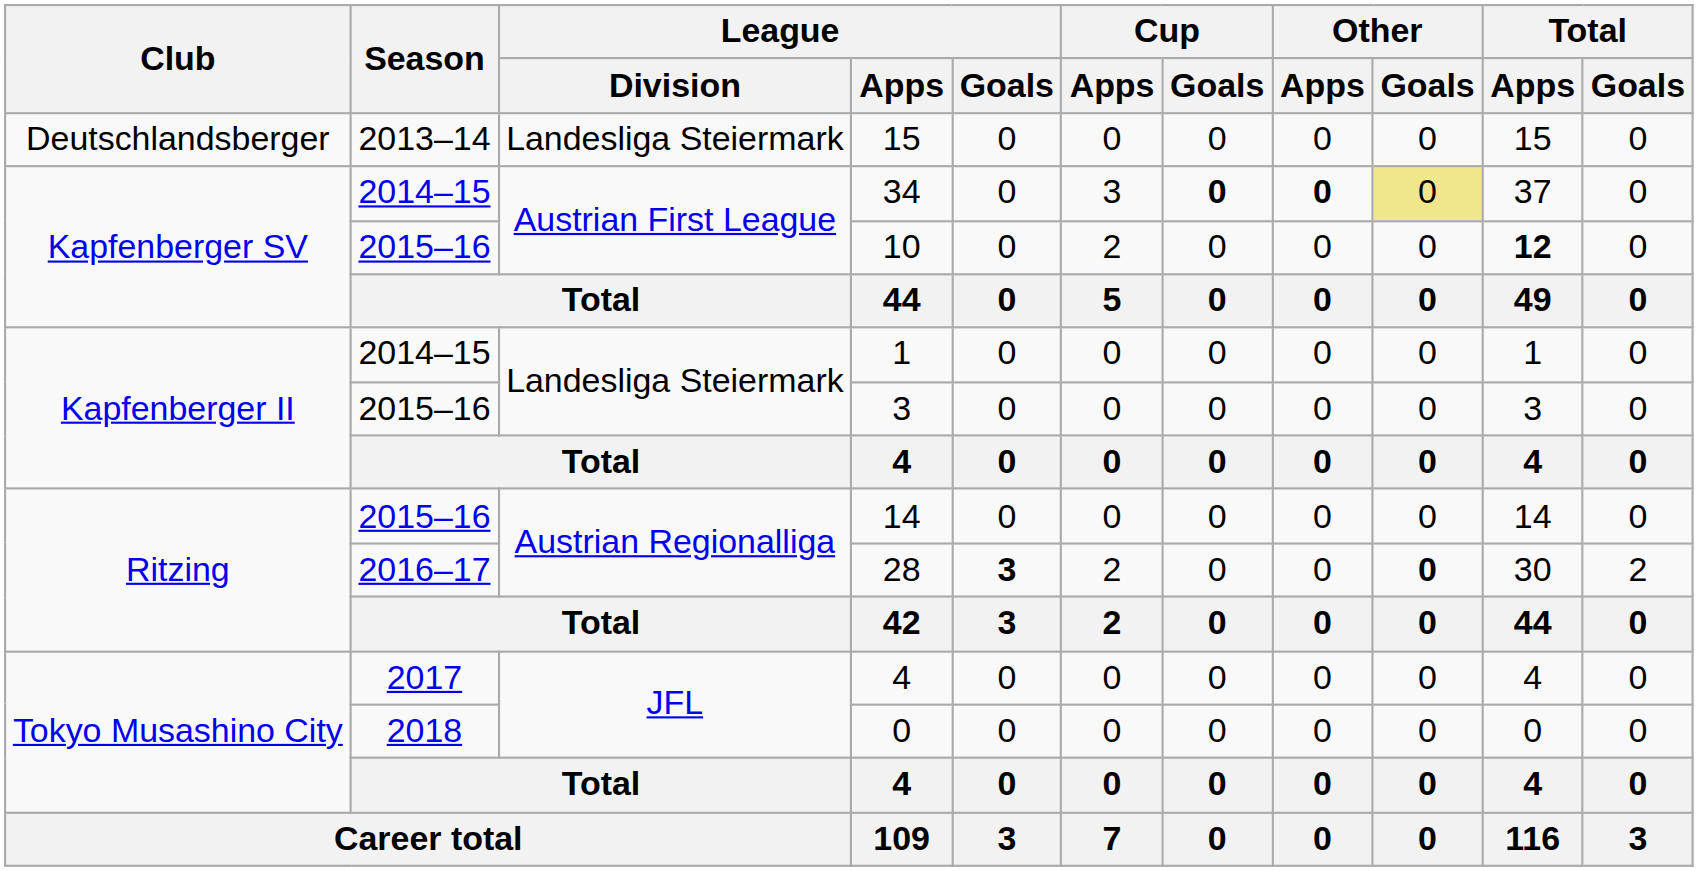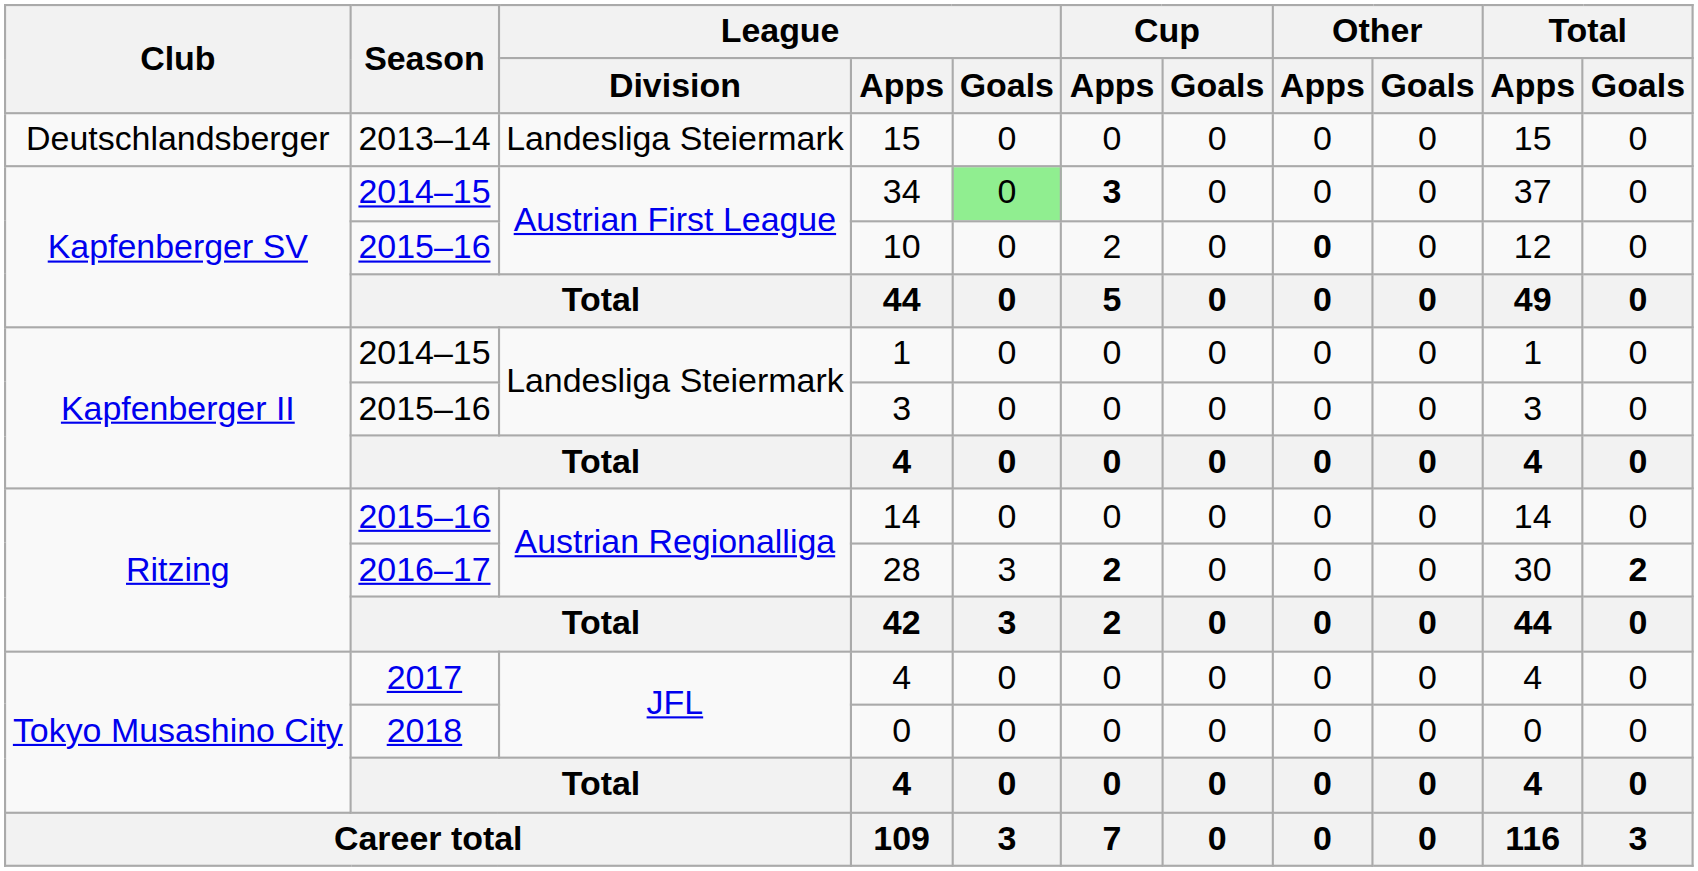 <table class="wikitable" style="text-align: center">
 <tr>
 <th rowspan="2">Club</th>
 <th rowspan="2">Season</th>
 <th colspan="3">League</th>
 <th colspan="2">Cup</th>
 <th colspan="2">Other</th>
 <th colspan="2">Total</th>
 </tr>
 <tr>
 <th>Division</th>
 <th>Apps</th>
 <th>Goals</th>
 <th>Apps</th>
 <th>Goals</th>
 <th>Apps</th>
 <th>Goals</th>
 <th>Apps</th>
 <th>Goals</th>
 </tr>
 <tr>
 <td>Deutschlandsberger</td>
 <td>2013–14</td>
 <td>Landesliga Steiermark</td>
 <td>15</td>
 <td>0</td>
 <td>0</td>
 <td>0</td>
 <td>0</td>
 <td>0</td>
 <td>15</td>
 <td>0</td>
 </tr>
 <tr>
 <td rowspan="3"><a href='#'>Kapfenberger SV</a></td>
 <td><a href='#'>2014–15</a></td>
 <td rowspan="2"><a href='#'>Austrian First League</a></td>
 <td>34</td>
+<td style="background: lightgreen;">0</td>
+<td><strong>3</strong></td>
 <td>0</td>
-<td>3</td>
-<td><strong>0</strong></td>
-<td><strong>0</strong></td>
-<td style="background: khaki;">0</td>
+<td>0</td>
+<td>0</td>
 <td>37</td>
 <td>0</td>
 </tr>
 <tr>
 <td><a href='#'>2015–16</a></td>
 <td>10</td>
 <td>0</td>
 <td>2</td>
 <td>0</td>
+<td><strong>0</strong></td>
 <td>0</td>
-<td>0</td>
-<td><strong>12</strong></td>
+<td>12</td>
 <td>0</td>
 </tr>
 <tr>
 <th colspan=2>Total</th>
 <th>44</th>
 <th>0</th>
 <th>5</th>
 <th>0</th>
 <th>0</th>
 <th>0</th>
 <th>49</th>
 <th>0</th>
 </tr>
 <tr>
 <td rowspan="3"><a href='#'>Kapfenberger II</a></td>
 <td>2014–15</td>
 <td rowspan="2">Landesliga Steiermark</td>
 <td>1</td>
 <td>0</td>
 <td>0</td>
 <td>0</td>
 <td>0</td>
 <td>0</td>
 <td>1</td>
 <td>0</td>
 </tr>
 <tr>
 <td>2015–16</td>
 <td>3</td>
 <td>0</td>
 <td>0</td>
 <td>0</td>
 <td>0</td>
 <td>0</td>
 <td>3</td>
 <td>0</td>
 </tr>
 <tr>
 <th colspan=2>Total</th>
 <th>4</th>
 <th>0</th>
 <th>0</th>
 <th>0</th>
 <th>0</th>
 <th>0</th>
 <th>4</th>
 <th>0</th>
 </tr>
 <tr>
 <td rowspan="3"><a href='#'>Ritzing</a></td>
 <td><a href='#'>2015–16</a></td>
 <td rowspan="2"><a href='#'>Austrian Regionalliga</a></td>
 <td>14</td>
 <td>0</td>
 <td>0</td>
 <td>0</td>
 <td>0</td>
 <td>0</td>
 <td>14</td>
 <td>0</td>
 </tr>
 <tr>
 <td><a href='#'>2016–17</a></td>
 <td>28</td>
-<td><strong>3</strong></td>
-<td>2</td>
+<td>3</td>
+<td><strong>2</strong></td>
 <td>0</td>
 <td>0</td>
-<td><strong>0</strong></td>
+<td>0</td>
 <td>30</td>
-<td>2</td>
+<td><strong>2</strong></td>
 </tr>
 <tr>
 <th colspan=2>Total</th>
 <th>42</th>
 <th>3</th>
 <th>2</th>
 <th>0</th>
 <th>0</th>
 <th>0</th>
 <th>44</th>
 <th>0</th>
 </tr>
 <tr>
 <td rowspan="3"><a href='#'>Tokyo Musashino City</a></td>
 <td><a href='#'>2017</a></td>
 <td rowspan="2"><a href='#'>JFL</a></td>
 <td>4</td>
 <td>0</td>
 <td>0</td>
 <td>0</td>
 <td>0</td>
 <td>0</td>
 <td>4</td>
 <td>0</td>
 </tr>
 <tr>
 <td><a href='#'>2018</a></td>
 <td>0</td>
 <td>0</td>
 <td>0</td>
 <td>0</td>
 <td>0</td>
 <td>0</td>
 <td>0</td>
 <td>0</td>
 </tr>
 <tr>
 <th colspan=2>Total</th>
 <th>4</th>
 <th>0</th>
 <th>0</th>
 <th>0</th>
 <th>0</th>
 <th>0</th>
 <th>4</th>
 <th>0</th>
 </tr>
 <tr>
 <th colspan=3>Career total</th>
 <th>109</th>
 <th>3</th>
 <th>7</th>
 <th>0</th>
 <th>0</th>
 <th>0</th>
 <th>116</th>
 <th>3</th>
 </tr>
 </table>
